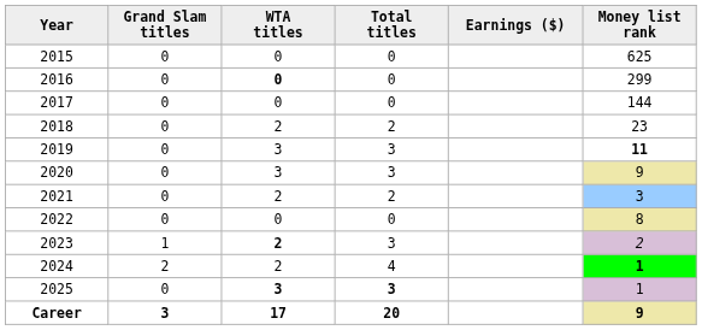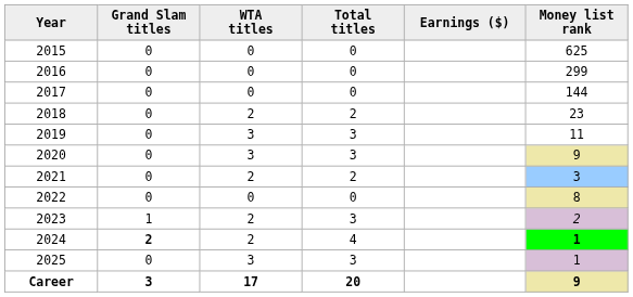 <table cellpadding=3 cellspacing=0 border=1 style=border:#aaa;solid:1px;border-collapse:collapse;text-align:center;>
 <tr style=background:#eee;font-weight:bold>
 <td width="90">Year</td>
 <td width="100">Grand Slam <br>titles</td>
 <td width="100">WTA <br>titles</td>
 <td width="100">Total <br>titles</td>
 <td width="120">Earnings ($)</td>
 <td width="100">Money list rank</td>
 </tr>
 <tr>
 <td>2015</td>
 <td>0</td>
 <td>0</td>
 <td>0</td>
 <td style="text-align:right"></td>
 <td>625</td>
 </tr>
 <tr>
 <td>2016</td>
 <td>0</td>
-<td><strong>0</strong></td>
+<td>0</td>
 <td>0</td>
 <td style="text-align:right"></td>
 <td>299</td>
 </tr>
 <tr>
 <td>2017</td>
 <td>0</td>
 <td>0</td>
 <td>0</td>
 <td style="text-align:right"></td>
 <td>144</td>
 </tr>
 <tr>
 <td>2018</td>
 <td>0</td>
 <td>2</td>
 <td>2</td>
 <td style="text-align:right"></td>
 <td>23</td>
 </tr>
 <tr>
 <td>2019</td>
 <td>0</td>
 <td>3</td>
 <td>3</td>
 <td style="text-align:right"></td>
-<td><strong>11</strong></td>
+<td>11</td>
 </tr>
 <tr>
 <td>2020</td>
 <td>0</td>
 <td>3</td>
 <td>3</td>
 <td style="text-align:right"></td>
 <td style="background:#eee8aa">9</td>
 </tr>
 <tr>
 <td>2021</td>
 <td>0</td>
 <td>2</td>
 <td>2</td>
 <td style="text-align:right"></td>
 <td style="background:#9cf">3</td>
 </tr>
 <tr>
 <td>2022</td>
 <td>0</td>
 <td>0</td>
 <td>0</td>
 <td style="text-align:right"></td>
 <td bgcolor=eee8aa>8</td>
 </tr>
 <tr>
 <td>2023</td>
 <td>1</td>
-<td><strong>2</strong></td>
+<td>2</td>
 <td>3</td>
 <td style="text-align:right"></td>
 <td bgcolor=thistle><em>2</em></td>
 </tr>
 <tr>
 <td>2024</td>
-<td>2</td>
+<td><strong>2</strong></td>
 <td>2</td>
 <td>4</td>
 <td style="text-align:right"></td>
 <td bgcolor=lime><strong>1</strong></td>
 </tr>
 <tr>
 <td>2025</td>
 <td>0</td>
-<td><strong>3</strong></td>
-<td><strong>3</strong></td>
+<td>3</td>
+<td>3</td>
 <td style="text-align:right"></td>
 <td bgcolor=thistle>1</td>
 </tr>
 <tr style="font-weight:bold;">
 <td>Career</td>
 <td>3</td>
 <td>17</td>
 <td>20</td>
 <td style="text-align:right"></td>
 <td bgcolor=eee8aa>9</td>
 </tr>
 </table>
